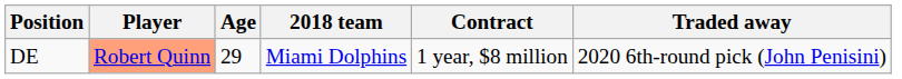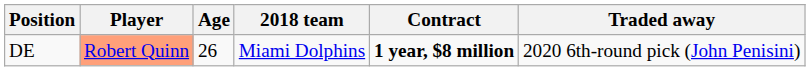 <table class="wikitable">
 <tr>
 <th>Position</th>
 <th>Player</th>
 <th>Age</th>
 <th>2018 team</th>
 <th>Contract</th>
 <th>Traded away</th>
 </tr>
 <tr>
 <td>DE</td>
 <td style="background: lightsalmon;"><a href='#'>Robert Quinn</a></td>
-<td>29</td>
+<td>26</td>
 <td><a href='#'>Miami Dolphins</a></td>
-<td>1 year, $8 million</td>
+<td><strong>1 year, $8 million</strong></td>
 <td>2020 6th-round pick (<a href='#'>John Penisini</a>)</td>
 </tr>
 </table>
